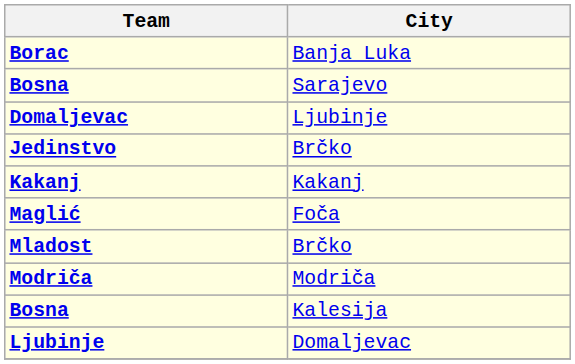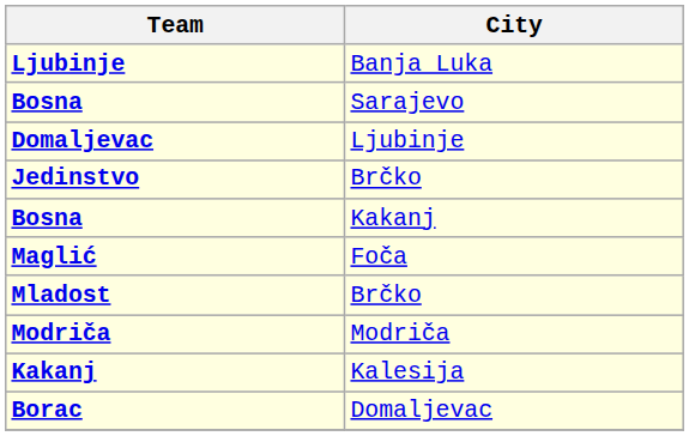 <table class="wikitable sortable">
 <tr>
 <th width=180>Team</th>
 <th width=180>City</th>
 </tr>
 <tr bgcolor=ffffe0>
-<td><strong><a href='#'>Borac</a></strong></td>
+<td><strong><a href='#'>Ljubinje</a></strong></td>
 <td><a href='#'>Banja Luka</a></td>
 </tr>
 <tr bgcolor=ffffe0>
 <td><strong><a href='#'>Bosna</a></strong></td>
 <td><a href='#'>Sarajevo</a></td>
 </tr>
 <tr bgcolor=ffffe0>
 <td><strong><a href='#'>Domaljevac</a></strong></td>
 <td><a href='#'>Ljubinje</a></td>
 </tr>
 <tr bgcolor=ffffe0>
 <td><strong><a href='#'>Jedinstvo</a></strong></td>
 <td><a href='#'>Brčko</a></td>
 </tr>
 <tr bgcolor=ffffe0>
-<td><strong><a href='#'>Kakanj</a></strong></td>
+<td><strong><a href='#'>Bosna</a></strong></td>
 <td><a href='#'>Kakanj</a></td>
 </tr>
 <tr bgcolor=ffffe0>
 <td><strong><a href='#'>Maglić</a></strong></td>
 <td><a href='#'>Foča</a></td>
 </tr>
 <tr bgcolor=ffffe0>
 <td><strong><a href='#'>Mladost</a></strong></td>
 <td><a href='#'>Brčko</a></td>
 </tr>
 <tr bgcolor=ffffe0>
 <td><strong><a href='#'>Modriča</a></strong></td>
 <td><a href='#'>Modriča</a></td>
 </tr>
 <tr bgcolor=ffffe0>
-<td><strong><a href='#'>Bosna</a></strong></td>
+<td><strong><a href='#'>Kakanj</a></strong></td>
 <td><a href='#'>Kalesija</a></td>
 </tr>
 <tr bgcolor=ffffe0>
-<td><strong><a href='#'>Ljubinje</a></strong></td>
+<td><strong><a href='#'>Borac</a></strong></td>
 <td><a href='#'>Domaljevac</a></td>
 </tr>
 <tr>
 </tr>
 </table>
